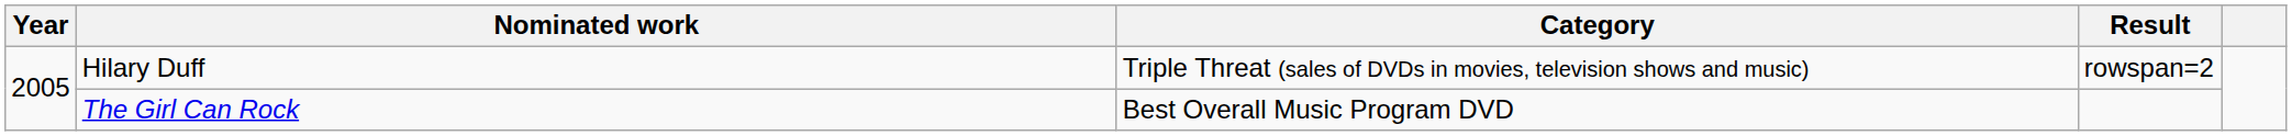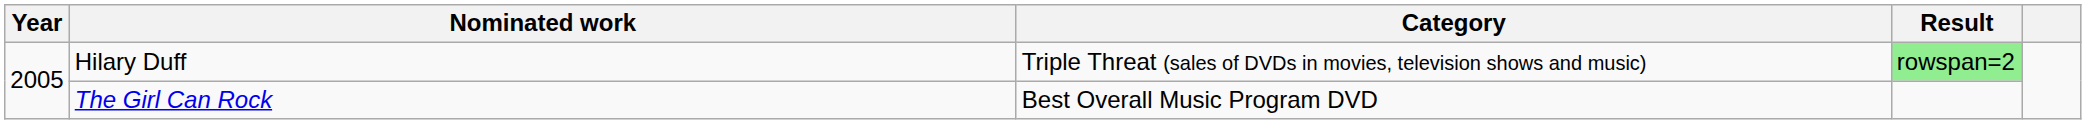 <table class="wikitable sortable">
 <tr>
 <th scope="col" style="width:1em;">Year</th>
 <th scope="col" style="width:39em;">Nominated work</th>
 <th scope="col" style="width:36em;">Category</th>
 <th scope="col" style="width:5em;">Result</th>
 <th scope="col" style="width:2em;" class="unsortable"></th>
 </tr>
 <tr>
 <td rowspan=2>2005</td>
 <td>Hilary Duff</td>
 <td>Triple Threat <small>(sales of DVDs in movies, television shows and music)</small></td>
-<td>rowspan=2 </td>
+<td style="background: lightgreen;">rowspan=2 </td>
 <td style="text-align:center;" rowspan=2></td>
 </tr>
 <tr>
 <td><em><a href='#'>The Girl Can Rock</a></em></td>
 <td>Best Overall Music Program DVD</td>
 </tr>
 </table>
